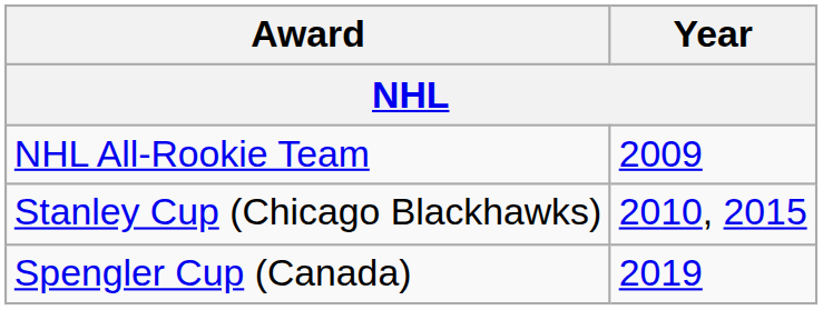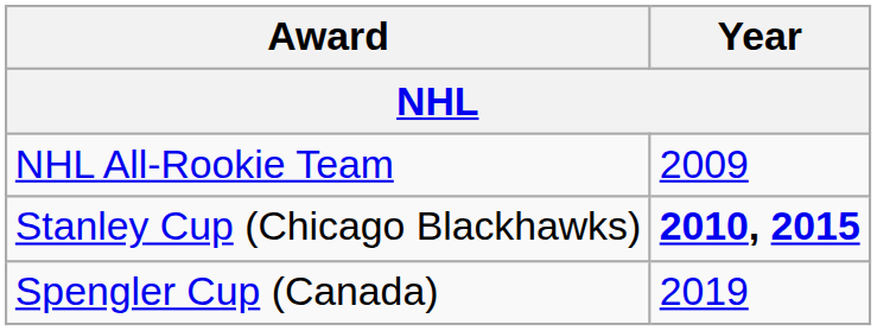 <table class="wikitable">
 <tr>
 <th>Award</th>
 <th>Year</th>
 </tr>
 <tr>
 <th colspan="3"><a href='#'>NHL</a></th>
 </tr>
 <tr>
 <td><a href='#'>NHL All-Rookie Team</a></td>
 <td><a href='#'>2009</a></td>
 </tr>
 <tr>
 <td><a href='#'>Stanley Cup</a> (Chicago Blackhawks)</td>
-<td><a href='#'>2010</a>, <a href='#'>2015</a></td>
+<td><strong><a href='#'>2010</a>, <a href='#'>2015</a></strong></td>
 </tr>
 <tr>
 <td><a href='#'>Spengler Cup</a> (Canada)</td>
 <td><a href='#'>2019</a></td>
 </tr>
 </table>
